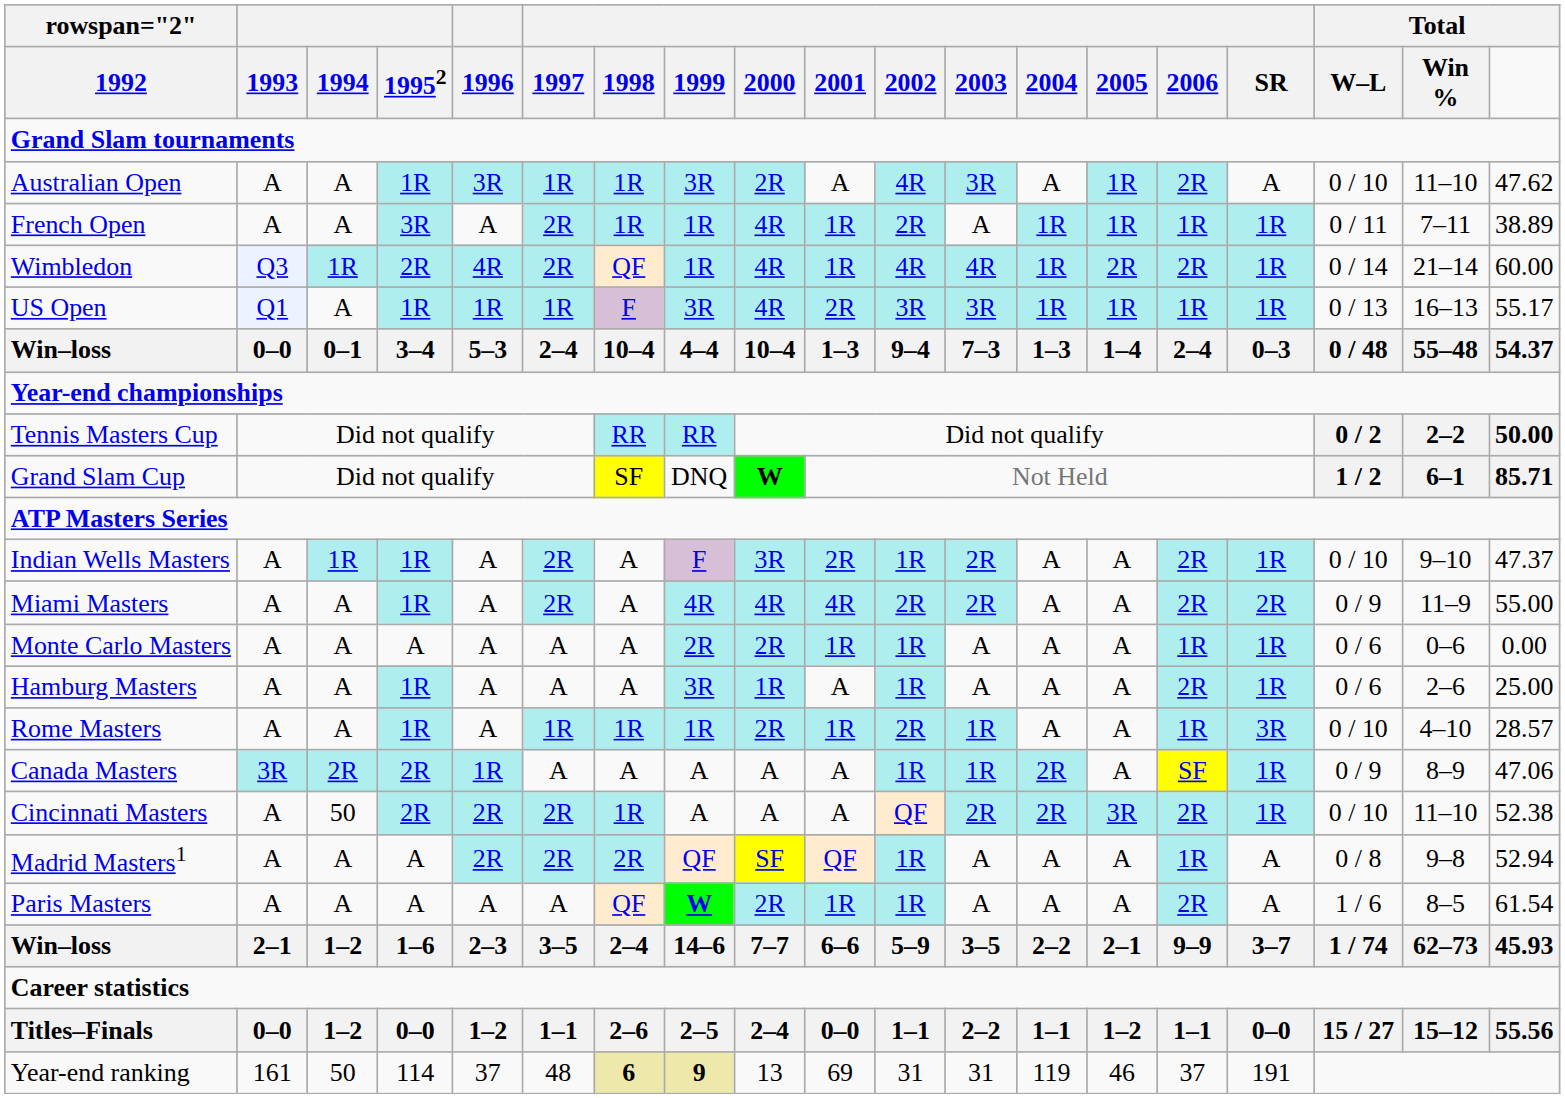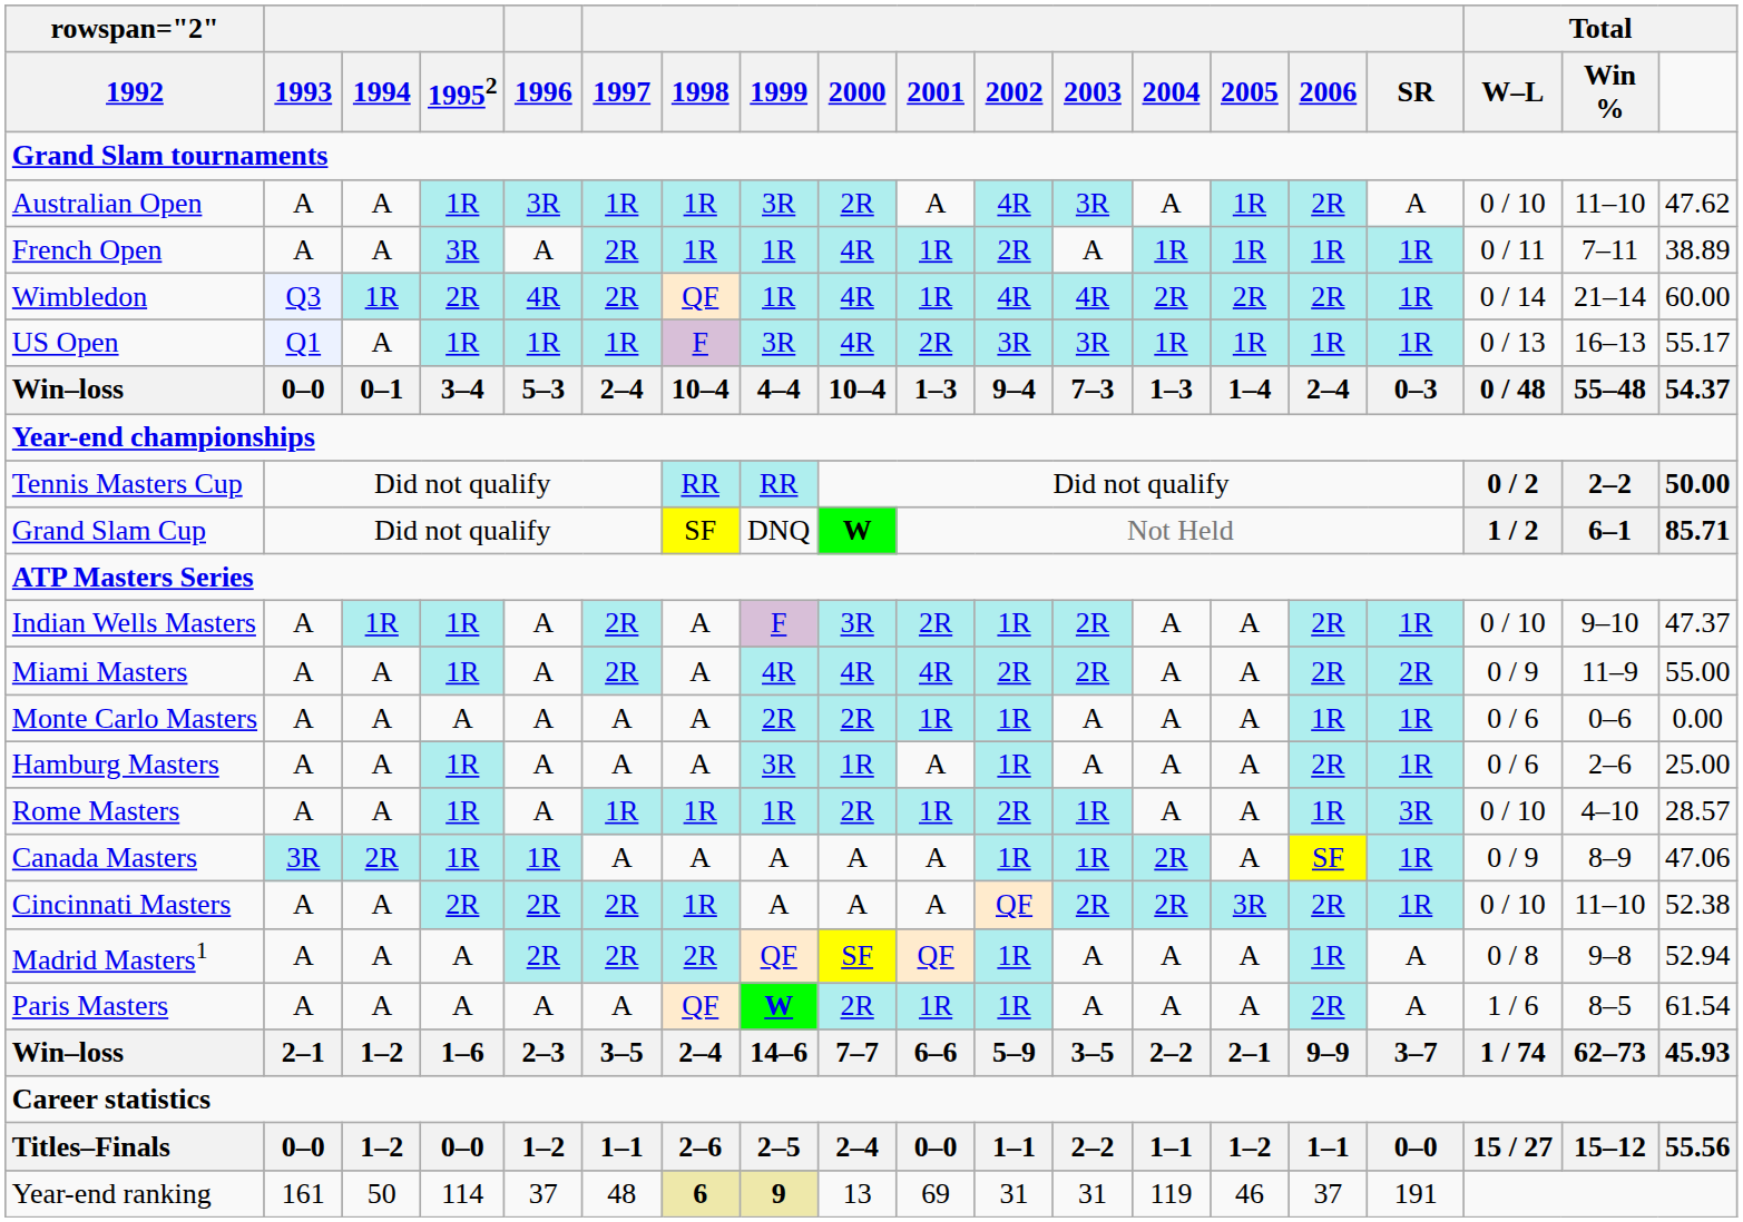 <table class=wikitable style=text-align:center;font-size:97%>
 <tr>
 <th>rowspan="2" </th>
 <th colspan=3></th>
 <th></th>
 <th colspan=11></th>
 <th colspan=3>Total</th>
 </tr>
 <tr>
 <th !width=35><a href='#'>1992</a></th>
 <th width=35><a href='#'>1993</a></th>
 <th width=35><a href='#'>1994</a></th>
 <th width=35><a href='#'>1995</a><sup>2</sup></th>
 <th width=35><a href='#'>1996</a></th>
 <th width=35><a href='#'>1997</a></th>
 <th width=35><a href='#'>1998</a></th>
 <th width=35><a href='#'>1999</a></th>
 <th width=35><a href='#'>2000</a></th>
 <th width=35><a href='#'>2001</a></th>
 <th width=35><a href='#'>2002</a></th>
 <th width=35><a href='#'>2003</a></th>
 <th width=35><a href='#'>2004</a></th>
 <th width=35><a href='#'>2005</a></th>
 <th width=35><a href='#'>2006</a></th>
 <th width=45>SR</th>
 <th width=45>W–L</th>
 <th width=45>Win %</th>
 </tr>
 <tr>
 <td colspan="23" style="text-align:left;"><a href='#'><strong>Grand Slam tournaments</strong></a></td>
 </tr>
 <tr>
 <td align=left><a href='#'>Australian Open</a></td>
 <td>A</td>
 <td>A</td>
 <td style="background:#afeeee;"><a href='#'>1R</a></td>
 <td style="background:#afeeee;"><a href='#'>3R</a></td>
 <td style="background:#afeeee;"><a href='#'>1R</a></td>
 <td style="background:#afeeee;"><a href='#'>1R</a></td>
 <td style="background:#afeeee;"><a href='#'>3R</a></td>
 <td style="background:#afeeee;"><a href='#'>2R</a></td>
 <td>A</td>
 <td style="background:#afeeee;"><a href='#'>4R</a></td>
 <td style="background:#afeeee;"><a href='#'>3R</a></td>
 <td>A</td>
 <td style="background:#afeeee;"><a href='#'>1R</a></td>
 <td style="background:#afeeee;"><a href='#'>2R</a></td>
 <td>A</td>
 <td>0 / 10</td>
 <td>11–10</td>
 <td>47.62</td>
 </tr>
 <tr>
 <td align=left><a href='#'>French Open</a></td>
 <td>A</td>
 <td>A</td>
 <td style="background:#afeeee;"><a href='#'>3R</a></td>
 <td>A</td>
 <td style="background:#afeeee;"><a href='#'>2R</a></td>
 <td style="background:#afeeee;"><a href='#'>1R</a></td>
 <td style="background:#afeeee;"><a href='#'>1R</a></td>
 <td style="background:#afeeee;"><a href='#'>4R</a></td>
 <td style="background:#afeeee;"><a href='#'>1R</a></td>
 <td style="background:#afeeee;"><a href='#'>2R</a></td>
 <td>A</td>
 <td style="background:#afeeee;"><a href='#'>1R</a></td>
 <td style="background:#afeeee;"><a href='#'>1R</a></td>
 <td style="background:#afeeee;"><a href='#'>1R</a></td>
 <td style="background:#afeeee;"><a href='#'>1R</a></td>
 <td>0 / 11</td>
 <td>7–11</td>
 <td>38.89</td>
 </tr>
 <tr>
 <td align=left><a href='#'>Wimbledon</a></td>
 <td bgcolor=ecf2ff><a href='#'>Q3</a></td>
 <td style="background:#afeeee;"><a href='#'>1R</a></td>
 <td style="background:#afeeee;"><a href='#'>2R</a></td>
 <td style="background:#afeeee;"><a href='#'>4R</a></td>
 <td style="background:#afeeee;"><a href='#'>2R</a></td>
 <td style="background:#ffebcd;"><a href='#'>QF</a></td>
 <td style="background:#afeeee;"><a href='#'>1R</a></td>
 <td style="background:#afeeee;"><a href='#'>4R</a></td>
 <td style="background:#afeeee;"><a href='#'>1R</a></td>
 <td style="background:#afeeee;"><a href='#'>4R</a></td>
 <td style="background:#afeeee;"><a href='#'>4R</a></td>
-<td style="background:#afeeee;"><a href='#'>1R</a></td>
+<td style="background:#afeeee;"><a href='#'>2R</a></td>
 <td style="background:#afeeee;"><a href='#'>2R</a></td>
 <td style="background:#afeeee;"><a href='#'>2R</a></td>
 <td style="background:#afeeee;"><a href='#'>1R</a></td>
 <td>0 / 14</td>
 <td>21–14</td>
 <td>60.00</td>
 </tr>
 <tr>
 <td align=left><a href='#'>US Open</a></td>
 <td bgcolor=ecf2ff><a href='#'>Q1</a></td>
 <td>A</td>
 <td style="background:#afeeee;"><a href='#'>1R</a></td>
 <td style="background:#afeeee;"><a href='#'>1R</a></td>
 <td style="background:#afeeee;"><a href='#'>1R</a></td>
 <td style="background:thistle;"><a href='#'>F</a></td>
 <td style="background:#afeeee;"><a href='#'>3R</a></td>
 <td style="background:#afeeee;"><a href='#'>4R</a></td>
 <td style="background:#afeeee;"><a href='#'>2R</a></td>
 <td style="background:#afeeee;"><a href='#'>3R</a></td>
 <td style="background:#afeeee;"><a href='#'>3R</a></td>
 <td style="background:#afeeee;"><a href='#'>1R</a></td>
 <td style="background:#afeeee;"><a href='#'>1R</a></td>
 <td style="background:#afeeee;"><a href='#'>1R</a></td>
 <td style="background:#afeeee;"><a href='#'>1R</a></td>
 <td>0 / 13</td>
 <td>16–13</td>
 <td>55.17</td>
 </tr>
 <tr>
 <th style=text-align:left>Win–loss</th>
 <th>0–0</th>
 <th>0–1</th>
 <th>3–4</th>
 <th>5–3</th>
 <th>2–4</th>
 <th>10–4</th>
 <th>4–4</th>
 <th>10–4</th>
 <th>1–3</th>
 <th>9–4</th>
 <th>7–3</th>
 <th>1–3</th>
 <th>1–4</th>
 <th>2–4</th>
 <th>0–3</th>
 <th>0 / 48</th>
 <th>55–48</th>
 <th>54.37</th>
 </tr>
 <tr>
 <td colspan="21" style="text-align:left;"><strong><a href='#'>Year-end championships</a></strong></td>
 </tr>
 <tr>
 <td align=left><a href='#'>Tennis Masters Cup</a></td>
 <td colspan=5>Did not qualify</td>
 <td bgcolor=afeeee><a href='#'>RR</a></td>
 <td bgcolor=afeeee><a href='#'>RR</a></td>
 <td colspan=8>Did not qualify</td>
 <th>0 / 2</th>
 <th>2–2</th>
 <th>50.00</th>
 </tr>
 <tr>
 <td align=left><a href='#'>Grand Slam Cup</a></td>
 <td colspan=5>Did not qualify</td>
 <td bgcolor=yellow>SF</td>
 <td colspan=1>DNQ</td>
 <td bgcolor=lime><strong>W</strong></td>
 <td colspan=7 style=color:#767676>Not Held</td>
 <th>1 / 2</th>
 <th>6–1</th>
 <th>85.71</th>
 </tr>
 <tr>
 <td colspan="21" style="text-align:left;"><strong><a href='#'>ATP Masters Series</a></strong></td>
 </tr>
 <tr>
 <td align=left><a href='#'>Indian Wells Masters</a></td>
 <td>A</td>
 <td bgcolor=afeeee><a href='#'>1R</a></td>
 <td bgcolor=afeeee><a href='#'>1R</a></td>
 <td>A</td>
 <td bgcolor=afeeee><a href='#'>2R</a></td>
 <td>A</td>
 <td style="background:thistle;"><a href='#'>F</a></td>
 <td bgcolor=afeeee><a href='#'>3R</a></td>
 <td bgcolor=afeeee><a href='#'>2R</a></td>
 <td bgcolor=afeeee><a href='#'>1R</a></td>
 <td bgcolor=afeeee><a href='#'>2R</a></td>
 <td>A</td>
 <td>A</td>
 <td bgcolor=afeeee><a href='#'>2R</a></td>
 <td bgcolor=afeeee><a href='#'>1R</a></td>
 <td>0 / 10</td>
 <td>9–10</td>
 <td>47.37</td>
 </tr>
 <tr>
 <td align=left><a href='#'>Miami Masters</a></td>
 <td>A</td>
 <td>A</td>
 <td bgcolor=afeeee><a href='#'>1R</a></td>
 <td>A</td>
 <td bgcolor=afeeee><a href='#'>2R</a></td>
 <td>A</td>
 <td bgcolor=afeeee><a href='#'>4R</a></td>
 <td bgcolor=afeeee><a href='#'>4R</a></td>
 <td bgcolor=afeeee><a href='#'>4R</a></td>
 <td bgcolor=afeeee><a href='#'>2R</a></td>
 <td bgcolor=afeeee><a href='#'>2R</a></td>
 <td>A</td>
 <td>A</td>
 <td bgcolor=afeeee><a href='#'>2R</a></td>
 <td bgcolor=afeeee><a href='#'>2R</a></td>
 <td>0 / 9</td>
 <td>11–9</td>
 <td>55.00</td>
 </tr>
 <tr>
 <td align=left><a href='#'>Monte Carlo Masters</a></td>
 <td>A</td>
 <td>A</td>
 <td>A</td>
 <td>A</td>
 <td>A</td>
 <td>A</td>
 <td bgcolor=afeeee><a href='#'>2R</a></td>
 <td bgcolor=afeeee><a href='#'>2R</a></td>
 <td bgcolor=afeeee><a href='#'>1R</a></td>
 <td bgcolor=afeeee><a href='#'>1R</a></td>
 <td>A</td>
 <td>A</td>
 <td>A</td>
 <td bgcolor=afeeee><a href='#'>1R</a></td>
 <td bgcolor=afeeee><a href='#'>1R</a></td>
 <td>0 / 6</td>
 <td>0–6</td>
 <td>0.00</td>
 </tr>
 <tr>
 <td align=left><a href='#'>Hamburg Masters</a></td>
 <td>A</td>
 <td>A</td>
 <td bgcolor=afeeee><a href='#'>1R</a></td>
 <td>A</td>
 <td>A</td>
 <td>A</td>
 <td bgcolor=afeeee><a href='#'>3R</a></td>
 <td bgcolor=afeeee><a href='#'>1R</a></td>
 <td>A</td>
 <td bgcolor=afeeee><a href='#'>1R</a></td>
 <td>A</td>
 <td>A</td>
 <td>A</td>
 <td bgcolor=afeeee><a href='#'>2R</a></td>
 <td bgcolor=afeeee><a href='#'>1R</a></td>
 <td>0 / 6</td>
 <td>2–6</td>
 <td>25.00</td>
 </tr>
 <tr>
 <td align=left><a href='#'>Rome Masters</a></td>
 <td>A</td>
 <td>A</td>
 <td bgcolor=afeeee><a href='#'>1R</a></td>
 <td>A</td>
 <td bgcolor=afeeee><a href='#'>1R</a></td>
 <td bgcolor=afeeee><a href='#'>1R</a></td>
 <td bgcolor=afeeee><a href='#'>1R</a></td>
 <td bgcolor=afeeee><a href='#'>2R</a></td>
 <td bgcolor=afeeee><a href='#'>1R</a></td>
 <td bgcolor=afeeee><a href='#'>2R</a></td>
 <td bgcolor=afeeee><a href='#'>1R</a></td>
 <td>A</td>
 <td>A</td>
 <td bgcolor=afeeee><a href='#'>1R</a></td>
 <td bgcolor=afeeee><a href='#'>3R</a></td>
 <td>0 / 10</td>
 <td>4–10</td>
 <td>28.57</td>
 </tr>
 <tr>
 <td align=left><a href='#'>Canada Masters</a></td>
 <td bgcolor=afeeee><a href='#'>3R</a></td>
 <td bgcolor=afeeee><a href='#'>2R</a></td>
-<td bgcolor=afeeee><a href='#'>2R</a></td>
+<td bgcolor=afeeee><a href='#'>1R</a></td>
 <td bgcolor=afeeee><a href='#'>1R</a></td>
 <td>A</td>
 <td>A</td>
 <td>A</td>
 <td>A</td>
 <td>A</td>
 <td bgcolor=afeeee><a href='#'>1R</a></td>
 <td bgcolor=afeeee><a href='#'>1R</a></td>
 <td bgcolor=afeeee><a href='#'>2R</a></td>
 <td>A</td>
 <td style="background:yellow;"><a href='#'>SF</a></td>
 <td bgcolor=afeeee><a href='#'>1R</a></td>
 <td>0 / 9</td>
 <td>8–9</td>
 <td>47.06</td>
 </tr>
 <tr>
 <td align=left><a href='#'>Cincinnati Masters</a></td>
 <td>A</td>
-<td>50</td>
+<td>A</td>
 <td bgcolor=afeeee><a href='#'>2R</a></td>
 <td bgcolor=afeeee><a href='#'>2R</a></td>
 <td bgcolor=afeeee><a href='#'>2R</a></td>
 <td bgcolor=afeeee><a href='#'>1R</a></td>
 <td>A</td>
 <td>A</td>
 <td>A</td>
 <td bgcolor=ffebcd><a href='#'>QF</a></td>
 <td bgcolor=afeeee><a href='#'>2R</a></td>
 <td bgcolor=afeeee><a href='#'>2R</a></td>
 <td bgcolor=afeeee><a href='#'>3R</a></td>
 <td bgcolor=afeeee><a href='#'>2R</a></td>
 <td bgcolor=afeeee><a href='#'>1R</a></td>
 <td>0 / 10</td>
 <td>11–10</td>
 <td>52.38</td>
 </tr>
 <tr>
 <td align=left><a href='#'>Madrid Masters</a><sup>1</sup></td>
 <td>A</td>
 <td>A</td>
 <td>A</td>
 <td bgcolor=afeeee><a href='#'>2R</a></td>
 <td bgcolor=afeeee><a href='#'>2R</a></td>
 <td bgcolor=afeeee><a href='#'>2R</a></td>
 <td bgcolor=ffebcd><a href='#'>QF</a></td>
 <td style="background:yellow;"><a href='#'>SF</a></td>
 <td bgcolor=ffebcd><a href='#'>QF</a></td>
 <td bgcolor=afeeee><a href='#'>1R</a></td>
 <td>A</td>
 <td>A</td>
 <td>A</td>
 <td bgcolor=afeeee><a href='#'>1R</a></td>
 <td>A</td>
 <td>0 / 8</td>
 <td>9–8</td>
 <td>52.94</td>
 </tr>
 <tr>
 <td align=left><a href='#'>Paris Masters</a></td>
 <td>A</td>
 <td>A</td>
 <td>A</td>
 <td>A</td>
 <td>A</td>
 <td bgcolor=ffebcd><a href='#'>QF</a></td>
 <td bgcolor=lime><strong><a href='#'>W</a></strong></td>
 <td bgcolor=afeeee><a href='#'>2R</a></td>
 <td bgcolor=afeeee><a href='#'>1R</a></td>
 <td bgcolor=afeeee><a href='#'>1R</a></td>
 <td>A</td>
 <td>A</td>
 <td>A</td>
 <td bgcolor=afeeee><a href='#'>2R</a></td>
 <td>A</td>
 <td>1 / 6</td>
 <td>8–5</td>
 <td>61.54</td>
 </tr>
 <tr>
 <th style=text-align:left>Win–loss</th>
 <th>2–1</th>
 <th>1–2</th>
 <th>1–6</th>
 <th>2–3</th>
 <th>3–5</th>
 <th>2–4</th>
 <th>14–6</th>
 <th>7–7</th>
 <th>6–6</th>
 <th>5–9</th>
 <th>3–5</th>
 <th>2–2</th>
 <th>2–1</th>
 <th>9–9</th>
 <th>3–7</th>
 <th>1 / 74</th>
 <th>62–73</th>
 <th>45.93</th>
 </tr>
 <tr>
 <td colspan="23" style="text-align:left;"><strong>Career statistics</strong></td>
 </tr>
 <tr>
 <th style=text-align:left>Titles–Finals</th>
 <th>0–0</th>
 <th>1–2</th>
 <th>0–0</th>
 <th>1–2</th>
 <th>1–1</th>
 <th>2–6</th>
 <th>2–5</th>
 <th>2–4</th>
 <th>0–0</th>
 <th>1–1</th>
 <th>2–2</th>
 <th>1–1</th>
 <th>1–2</th>
 <th>1–1</th>
 <th>0–0</th>
 <th>15 / 27</th>
 <th>15–12</th>
 <th>55.56</th>
 </tr>
 <tr>
 <td align=left>Year-end ranking</td>
 <td>161</td>
 <td>50</td>
 <td>114</td>
 <td>37</td>
 <td>48</td>
 <td style="background:#eee8aa;"><strong>6</strong></td>
 <td style="background:#eee8aa;"><strong>9</strong></td>
 <td>13</td>
 <td>69</td>
 <td>31</td>
 <td>31</td>
 <td>119</td>
 <td>46</td>
 <td>37</td>
 <td>191</td>
 <td colspan=3></td>
 </tr>
 </table>
